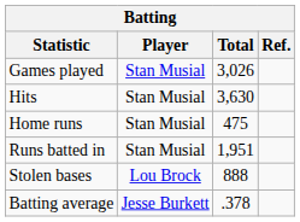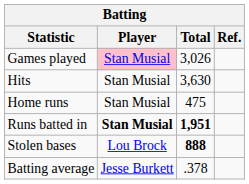 <table class="wikitable" style="text-align:center">
 <tr>
 <th colspan=5>Batting</th>
 </tr>
 <tr>
 <th align="left">Statistic</th>
 <th>Player</th>
 <th>Total</th>
 <th>Ref.</th>
 </tr>
 <tr>
 <td align="left">Games played</td>
-<td><a href='#'>Stan Musial</a></td>
+<td style="background: pink;"><a href='#'>Stan Musial</a></td>
 <td>3,026</td>
 <td></td>
 </tr>
 <tr>
 <td align="left">Hits</td>
 <td>Stan Musial</td>
 <td>3,630</td>
 <td></td>
 </tr>
 <tr>
 <td align="left">Home runs</td>
 <td>Stan Musial</td>
 <td>475</td>
 <td></td>
 </tr>
 <tr>
 <td align="left">Runs batted in</td>
-<td>Stan Musial</td>
-<td>1,951</td>
+<td><strong>Stan Musial</strong></td>
+<td><strong>1,951</strong></td>
 <td></td>
 </tr>
 <tr>
 <td align="left">Stolen bases</td>
 <td><a href='#'>Lou Brock</a></td>
-<td>888</td>
+<td><strong>888</strong></td>
 <td></td>
 </tr>
 <tr>
 <td align="left">Batting average<br></td>
 <td><a href='#'>Jesse Burkett</a></td>
 <td>.378</td>
 <td></td>
 </tr>
 </table>
